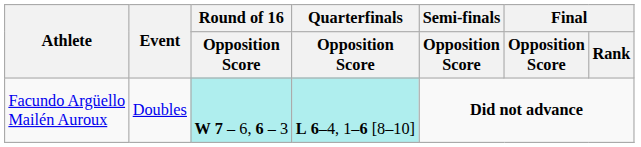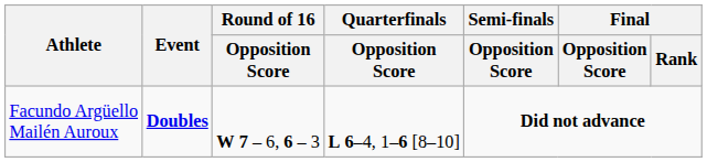 <table class="wikitable" border="1" style="font-size:90%">
 <tr>
 <th rowspan=2>Athlete</th>
 <th rowspan=2>Event</th>
 <th>Round of 16</th>
 <th>Quarterfinals</th>
 <th>Semi-finals</th>
 <th colspan=2>Final</th>
 </tr>
 <tr>
 <th>Opposition<br>Score</th>
 <th>Opposition<br>Score</th>
 <th>Opposition<br>Score</th>
 <th>Opposition<br>Score</th>
 <th>Rank</th>
 </tr>
 <tr>
 <td><a href='#'>Facundo Argüello</a><br><a href='#'>Mailén Auroux</a></td>
-<td><a href='#'>Doubles</a></td>
-<td style="background: paleturquoise;"><br><br><strong>W</strong> <strong>7</strong> – 6, <strong>6</strong> – 3</td>
-<td style="background: paleturquoise;"><br><br><strong>L</strong> <strong>6</strong>–4, 1–<strong>6</strong> [8–10]</td>
+<td><strong><a href='#'>Doubles</a></strong></td>
+<td><br><br><strong>W</strong> <strong>7</strong> – 6, <strong>6</strong> – 3</td>
+<td><br><br><strong>L</strong> <strong>6</strong>–4, 1–<strong>6</strong> [8–10]</td>
 <td align="center" colspan="7"><strong>Did not advance</strong></td>
 </tr>
 </table>
